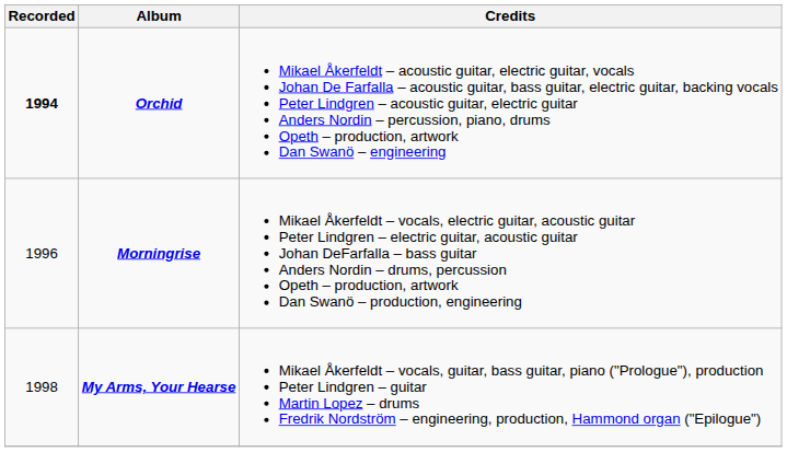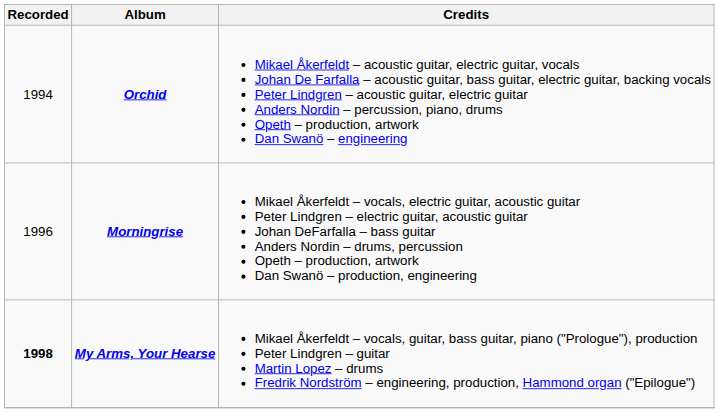 <table class="wikitable" style="border:1px solid darkgray;">
 <tr>
 <th width="50">Recorded</th>
 <th>Album</th>
 <th>Credits</th>
 </tr>
 <tr>
-<td align="center"><strong>1994</strong></td>
+<td align="center">1994</td>
 <td align="center"><strong><em><a href='#'>Orchid</a></em></strong></td>
 <td><br><ul><li><a href='#'>Mikael Åkerfeldt</a> – acoustic guitar, electric guitar, vocals</li><li><a href='#'>Johan De Farfalla</a> – acoustic guitar, bass guitar, electric guitar, backing vocals</li><li><a href='#'>Peter Lindgren</a> – acoustic guitar, electric guitar</li><li><a href='#'>Anders Nordin</a> – percussion, piano, drums</li><li><a href='#'>Opeth</a> – production, artwork</li><li><a href='#'>Dan Swanö</a> – <a href='#'>engineering</a></li></ul></td>
 </tr>
 <tr>
 <td align="center">1996</td>
 <td align="center"><strong><em><a href='#'>Morningrise</a></em></strong></td>
 <td><br><ul><li>Mikael Åkerfeldt – vocals, electric guitar, acoustic guitar</li><li>Peter Lindgren – electric guitar, acoustic guitar</li><li>Johan DeFarfalla – bass guitar</li><li>Anders Nordin – drums, percussion</li><li>Opeth – production, artwork</li><li>Dan Swanö – production, engineering</li></ul></td>
 </tr>
 <tr>
-<td align="center">1998</td>
+<td align="center"><strong>1998</strong></td>
 <td align="center"><strong><em><a href='#'>My Arms, Your Hearse</a></em></strong></td>
 <td><br><ul><li>Mikael Åkerfeldt – vocals, guitar, bass guitar, piano ("Prologue"), production</li><li>Peter Lindgren – guitar</li><li><a href='#'>Martin Lopez</a> – drums</li><li><a href='#'>Fredrik Nordström</a> – engineering, production, <a href='#'>Hammond organ</a> ("Epilogue")</li></ul></td>
 </tr>
 <tr>
 </tr>
 </table>
